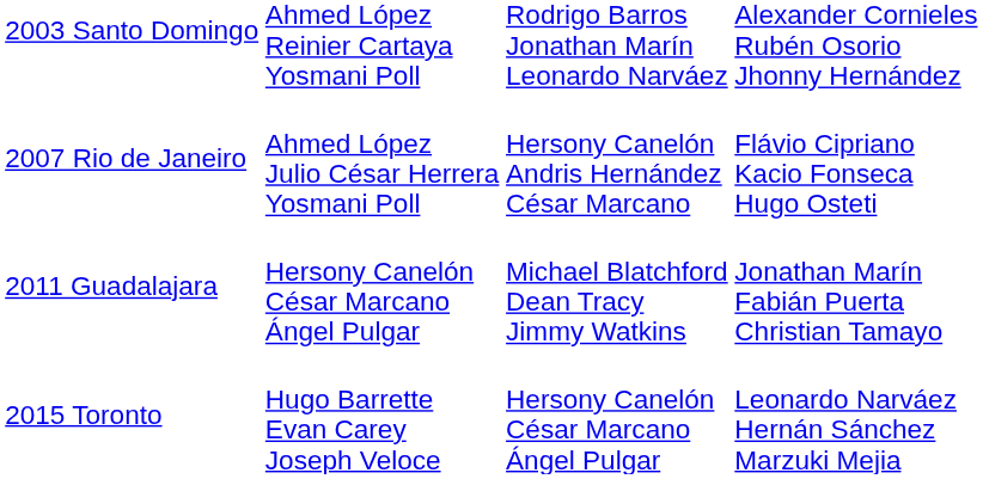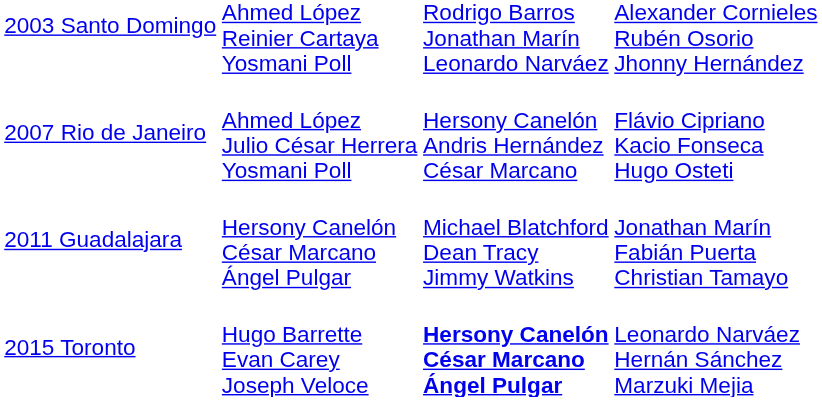 <table>
 <tr>
 <td><a href='#'>2003 Santo Domingo</a></td>
 <td><br><a href='#'>Ahmed López</a><br><a href='#'>Reinier Cartaya</a><br><a href='#'>Yosmani Poll</a></td>
 <td><br><a href='#'>Rodrigo Barros</a><br><a href='#'>Jonathan Marín</a><br><a href='#'>Leonardo Narváez</a></td>
 <td><br><a href='#'>Alexander Cornieles</a><br><a href='#'>Rubén Osorio</a><br><a href='#'>Jhonny Hernández</a></td>
 </tr>
 <tr>
 <td><a href='#'>2007 Rio de Janeiro</a></td>
 <td><br><a href='#'>Ahmed López</a><br><a href='#'>Julio César Herrera</a><br><a href='#'>Yosmani Poll</a></td>
 <td><br><a href='#'>Hersony Canelón</a><br><a href='#'>Andris Hernández</a><br><a href='#'>César Marcano</a></td>
 <td><br><a href='#'>Flávio Cipriano</a><br><a href='#'>Kacio Fonseca</a><br><a href='#'>Hugo Osteti</a></td>
 </tr>
 <tr>
 <td><a href='#'>2011 Guadalajara</a><br></td>
 <td><br><a href='#'>Hersony Canelón</a><br><a href='#'>César Marcano</a><br><a href='#'>Ángel Pulgar</a></td>
 <td><br><a href='#'>Michael Blatchford</a><br><a href='#'>Dean Tracy</a><br><a href='#'>Jimmy Watkins</a></td>
 <td><br><a href='#'>Jonathan Marín</a><br><a href='#'>Fabián Puerta</a><br><a href='#'>Christian Tamayo</a></td>
 </tr>
 <tr>
 <td><a href='#'>2015 Toronto</a><br></td>
 <td><br><a href='#'>Hugo Barrette</a><br><a href='#'>Evan Carey</a><br><a href='#'>Joseph Veloce</a></td>
-<td><br><a href='#'>Hersony Canelón</a><br><a href='#'>César Marcano</a><br><a href='#'>Ángel Pulgar</a></td>
+<td><strong><br><a href='#'>Hersony Canelón</a><br><a href='#'>César Marcano</a><br><a href='#'>Ángel Pulgar</a></strong></td>
 <td><br><a href='#'>Leonardo Narváez</a><br><a href='#'>Hernán Sánchez</a><br><a href='#'>Marzuki Mejia</a></td>
 </tr>
 </table>
